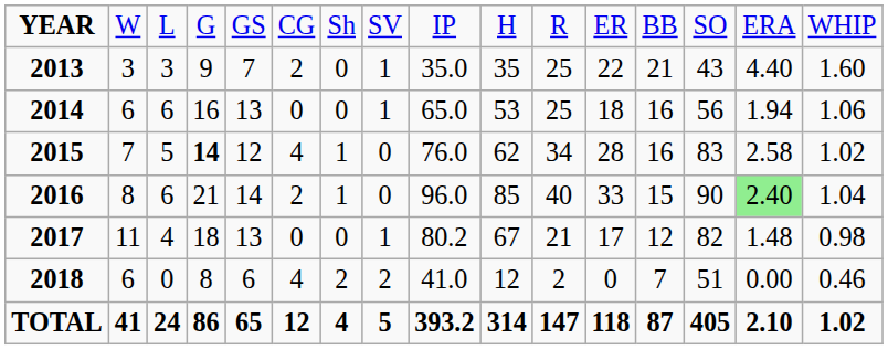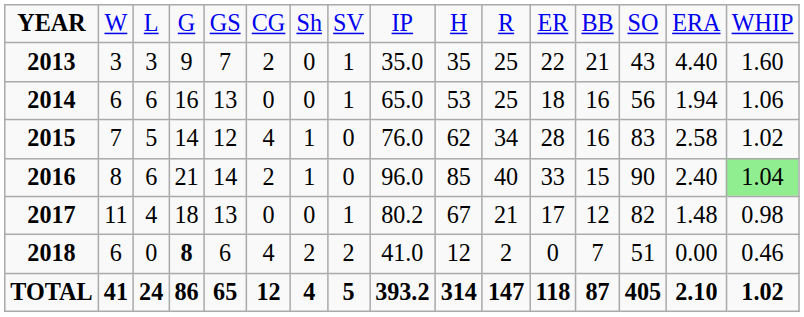 <table class="sortable wikitable" style="text-align:center;">
 <tr>
 <td><strong>YEAR</strong></td>
 <td><a href='#'>W</a></td>
 <td><a href='#'>L</a></td>
 <td><a href='#'>G</a></td>
 <td><a href='#'>GS</a></td>
 <td><a href='#'>CG</a></td>
 <td><a href='#'>Sh</a></td>
 <td><a href='#'>SV</a></td>
 <td><a href='#'>IP</a></td>
 <td><a href='#'>H</a></td>
 <td><a href='#'>R</a></td>
 <td><a href='#'>ER</a></td>
 <td><a href='#'>BB</a></td>
 <td><a href='#'>SO</a></td>
 <td><a href='#'>ERA</a></td>
 <td><a href='#'>WHIP</a></td>
 </tr>
 <tr>
 <td><strong>2013</strong></td>
 <td>3</td>
 <td>3</td>
 <td>9</td>
 <td>7</td>
 <td>2</td>
 <td>0</td>
 <td>1</td>
 <td>35.0</td>
 <td>35</td>
 <td>25</td>
 <td>22</td>
 <td>21</td>
 <td>43</td>
 <td>4.40</td>
 <td>1.60</td>
 </tr>
 <tr>
 <td><strong>2014</strong></td>
 <td>6</td>
 <td>6</td>
 <td>16</td>
 <td>13</td>
 <td>0</td>
 <td>0</td>
 <td>1</td>
 <td>65.0</td>
 <td>53</td>
 <td>25</td>
 <td>18</td>
 <td>16</td>
 <td>56</td>
 <td>1.94</td>
 <td>1.06</td>
 </tr>
 <tr>
 <td><strong>2015</strong></td>
 <td>7</td>
 <td>5</td>
-<td><strong>14</strong></td>
+<td>14</td>
 <td>12</td>
 <td>4</td>
 <td>1</td>
 <td>0</td>
 <td>76.0</td>
 <td>62</td>
 <td>34</td>
 <td>28</td>
 <td>16</td>
 <td>83</td>
 <td>2.58</td>
 <td>1.02</td>
 </tr>
 <tr>
 <td><strong>2016</strong></td>
 <td>8</td>
 <td>6</td>
 <td>21</td>
 <td>14</td>
 <td>2</td>
 <td>1</td>
 <td>0</td>
 <td>96.0</td>
 <td>85</td>
 <td>40</td>
 <td>33</td>
 <td>15</td>
 <td>90</td>
-<td style="background: lightgreen;">2.40</td>
-<td>1.04</td>
+<td>2.40</td>
+<td style="background: lightgreen;">1.04</td>
 </tr>
 <tr>
 <td><strong>2017</strong></td>
 <td>11</td>
 <td>4</td>
 <td>18</td>
 <td>13</td>
 <td>0</td>
 <td>0</td>
 <td>1</td>
 <td>80.2</td>
 <td>67</td>
 <td>21</td>
 <td>17</td>
 <td>12</td>
 <td>82</td>
 <td>1.48</td>
 <td>0.98</td>
 </tr>
 <tr>
 <td><strong>2018</strong></td>
 <td>6</td>
 <td>0</td>
-<td>8</td>
+<td><strong>8</strong></td>
 <td>6</td>
 <td>4</td>
 <td>2</td>
 <td>2</td>
 <td>41.0</td>
 <td>12</td>
 <td>2</td>
 <td>0</td>
 <td>7</td>
 <td>51</td>
 <td>0.00</td>
 <td>0.46</td>
 </tr>
 <tr>
 <td><strong>TOTAL</strong></td>
 <td><strong>41</strong></td>
 <td><strong>24</strong></td>
 <td><strong>86</strong></td>
 <td><strong>65</strong></td>
 <td><strong>12</strong></td>
 <td><strong>4</strong></td>
 <td><strong>5</strong></td>
 <td><strong>393.2</strong></td>
 <td><strong>314</strong></td>
 <td><strong>147</strong></td>
 <td><strong>118</strong></td>
 <td><strong>87</strong></td>
 <td><strong>405</strong></td>
 <td><strong>2.10</strong></td>
 <td><strong>1.02</strong></td>
 </tr>
 </table>
